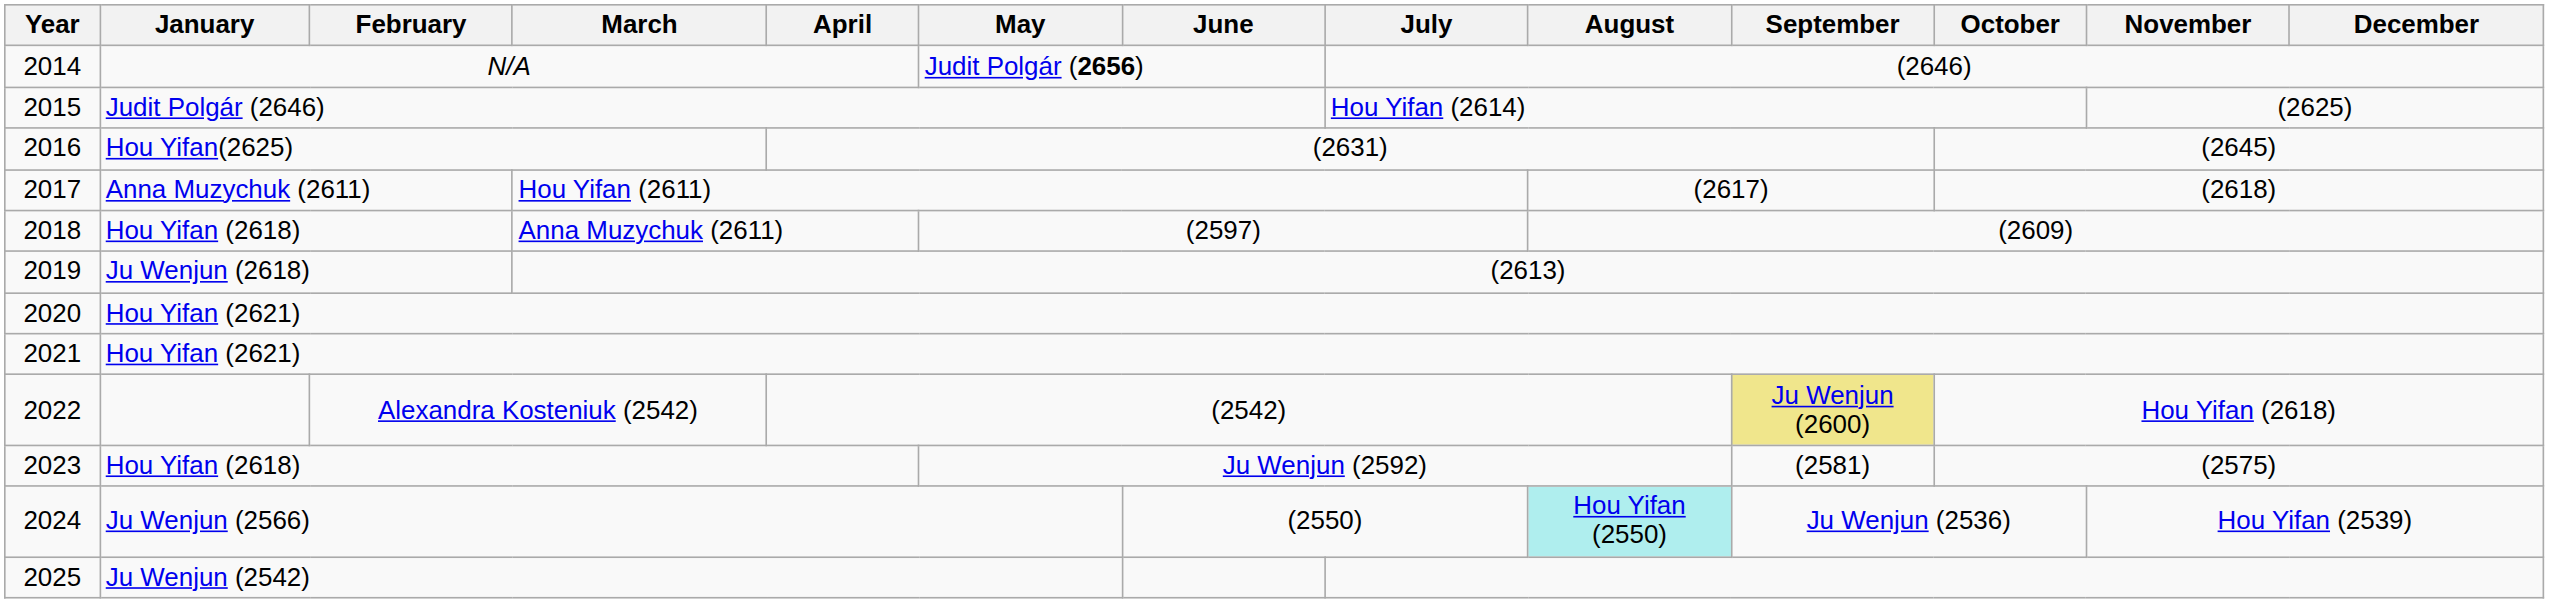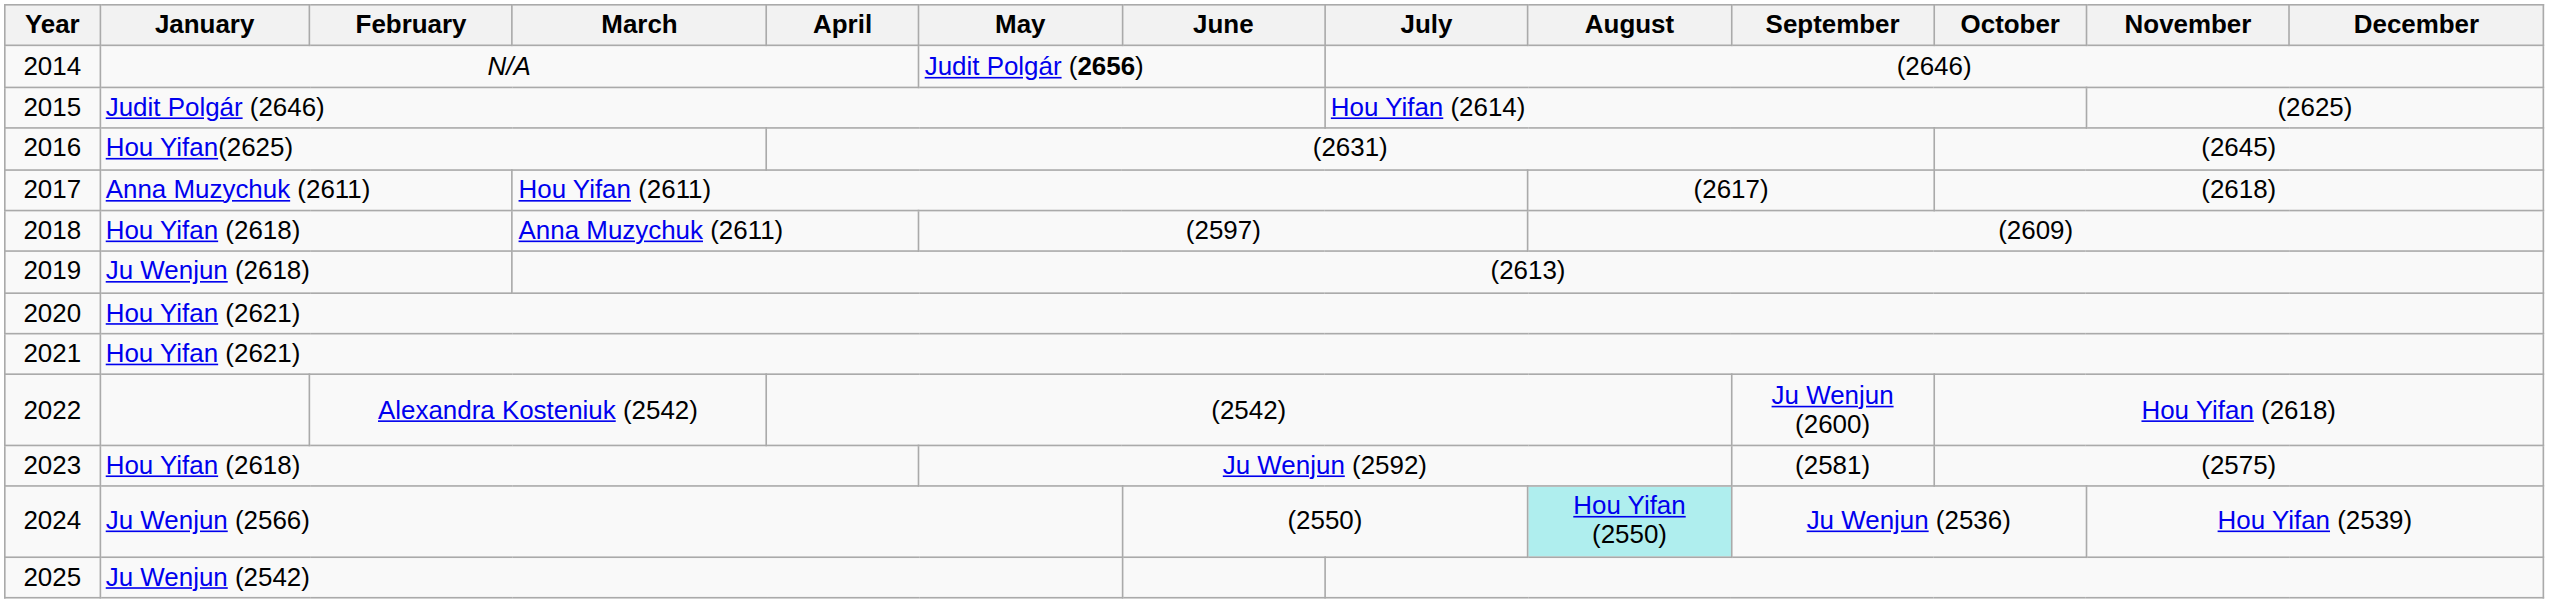 <table class="wikitable center" style="text-align:center">
 <tr>
 <th>Year</th>
 <th style="width:8">January</th>
 <th style="width:8%">February</th>
 <th style="width:10%">March</th>
 <th style="width:6%">April</th>
 <th style="width:8%">May</th>
 <th style="width:8%">June</th>
 <th style="width:8%">July</th>
 <th style="width:8%">August</th>
 <th style="width:8%">September</th>
 <th style="width:6%">October</th>
 <th style="width:8%">November</th>
 <th style="width:10%">December</th>
 </tr>
 <tr>
 <td>2014</td>
 <td colspan=4><em>N/A</em></td>
 <td colspan=2 align=left> <a href='#'>Judit Polgár</a> (<strong>2656</strong>)</td>
 <td colspan=6>(2646)</td>
 </tr>
 <tr>
 <td>2015</td>
 <td colspan=6 align=left> <a href='#'>Judit Polgár</a> (2646)</td>
 <td colspan=4 align=left> <a href='#'>Hou Yifan</a> (2614)</td>
 <td colspan=2>(2625)</td>
 </tr>
 <tr>
 <td>2016</td>
 <td colspan=3 align=left> <a href='#'>Hou Yifan</a>(2625)</td>
 <td colspan=6>(2631)</td>
 <td colspan=3>(2645)</td>
 </tr>
 <tr>
 <td>2017</td>
 <td colspan=2 align=left> <a href='#'>Anna Muzychuk</a> (2611)</td>
 <td colspan=5 align=left> <a href='#'>Hou Yifan</a> (2611)</td>
 <td colspan=2>(2617)</td>
 <td colspan=3>(2618)</td>
 </tr>
 <tr>
 <td>2018</td>
 <td colspan=2 align=left> <a href='#'>Hou Yifan</a> (2618)</td>
 <td colspan=2 align=left> <a href='#'>Anna Muzychuk</a> (2611)</td>
 <td colspan=3>(2597)</td>
 <td colspan=5>(2609)</td>
 </tr>
 <tr>
 <td>2019</td>
 <td colspan=2 align=left> <a href='#'>Ju Wenjun</a> (2618)</td>
 <td colspan=10>(2613)</td>
 </tr>
 <tr>
 <td>2020</td>
 <td colspan=12 align=left> <a href='#'>Hou Yifan</a> (2621)</td>
 </tr>
 <tr>
 <td>2021</td>
 <td colspan=12 align=left> <a href='#'>Hou Yifan</a> (2621)</td>
 </tr>
 <tr>
 <td>2022</td>
 <td align=left></td>
 <td colspan=2> <a href='#'>Alexandra Kosteniuk</a> (2542)</td>
 <td colspan=5> (2542)</td>
-<td style="background: khaki;"> <a href='#'>Ju Wenjun</a><br>(2600)</td>
+<td> <a href='#'>Ju Wenjun</a><br>(2600)</td>
 <td colspan=3> <a href='#'>Hou Yifan</a> (2618)</td>
 </tr>
 <tr>
 <td>2023</td>
 <td colspan=4 align=left> <a href='#'>Hou Yifan</a> (2618)</td>
 <td colspan=4> <a href='#'>Ju Wenjun</a> (2592)</td>
 <td>(2581)</td>
 <td colspan=3>(2575)</td>
 </tr>
 <tr>
 <td>2024</td>
 <td colspan=5 align=left> <a href='#'>Ju Wenjun</a> (2566)</td>
 <td colspan=2>(2550)</td>
 <td style="background: paleturquoise;"> <a href='#'>Hou Yifan</a> (2550)</td>
 <td colspan=2> <a href='#'>Ju Wenjun</a> (2536)</td>
 <td colspan=2> <a href='#'>Hou Yifan</a> (2539)</td>
 </tr>
 <tr>
 <td>2025</td>
 <td colspan=5 align=left> <a href='#'>Ju Wenjun</a> (2542)</td>
 <td></td>
 </tr>
 </table>
